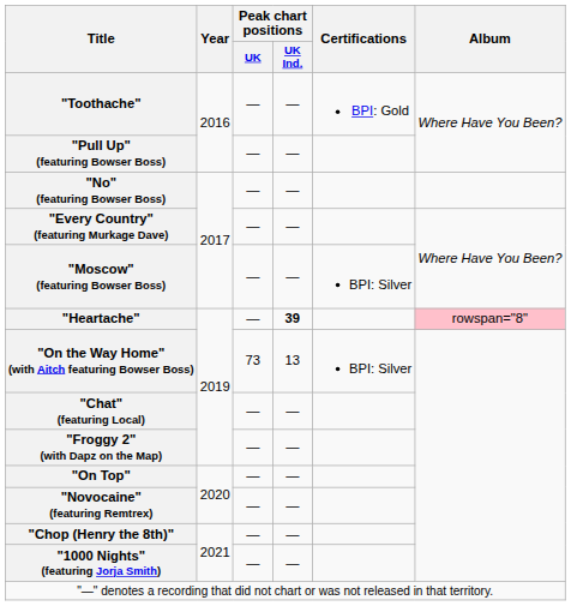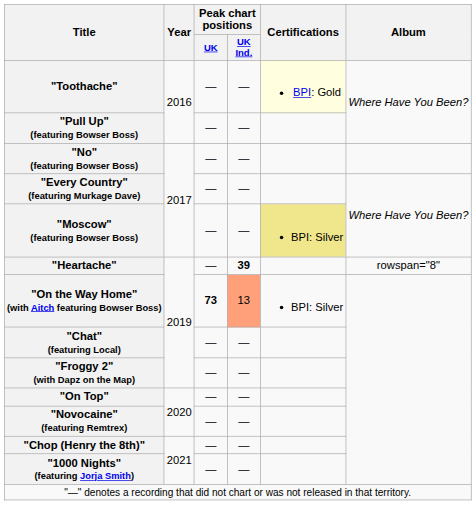 <table class="wikitable plainrowheaders" style="text-align:center;">
 <tr>
 <th scope="col" rowspan="2">Title</th>
 <th scope="col" rowspan="2">Year</th>
 <th scope="col" colspan="2">Peak chart positions</th>
 <th scope="col" rowspan="2">Certifications</th>
 <th scope="col" rowspan="2">Album</th>
 </tr>
 <tr>
 <th scope="col" style="width:3em;font-size:85%;"><a href='#'>UK</a><br></th>
 <th scope="col" style="width:3em;font-size:85%;"><a href='#'>UK<br>Ind.</a><br></th>
 </tr>
 <tr>
 <th scope="row">"Toothache"</th>
 <td rowspan="2">2016</td>
 <td>—</td>
 <td>—</td>
-<td><br><ul><li><a href='#'>BPI</a>: Gold</li></ul></td>
+<td style="background: lightyellow;"><br><ul><li><a href='#'>BPI</a>: Gold</li></ul></td>
 <td rowspan="2"><em>Where Have You Been?</em></td>
 </tr>
 <tr>
 <th scope="row">"Pull Up" <br><small>(featuring Bowser Boss)</small></th>
 <td>—</td>
 <td>—</td>
 <td></td>
 </tr>
 <tr>
 <th scope="row">"No" <br><small>(featuring Bowser Boss)</small></th>
 <td rowspan="3">2017</td>
 <td>—</td>
 <td>—</td>
 <td></td>
 <td></td>
 </tr>
 <tr>
 <th scope="row">"Every Country" <br><small>(featuring Murkage Dave)</small></th>
 <td>—</td>
 <td>—</td>
 <td></td>
 <td rowspan="2"><em>Where Have You Been?</em></td>
 </tr>
 <tr>
 <th scope="row">"Moscow" <br><small>(featuring Bowser Boss)</small></th>
 <td>—</td>
 <td>—</td>
-<td><br><ul><li>BPI: Silver</li></ul></td>
+<td style="background: khaki;"><br><ul><li>BPI: Silver</li></ul></td>
 </tr>
 <tr>
 <th scope="row">"Heartache"</th>
 <td rowspan="4">2019</td>
 <td>—</td>
 <td><strong>39</strong></td>
 <td></td>
-<td style="background: pink;">rowspan="8" </td>
+<td>rowspan="8" </td>
 </tr>
 <tr>
 <th scope="row">"On the Way Home"<br><small>(with <a href='#'>Aitch</a> featuring Bowser Boss)</small></th>
-<td>73</td>
-<td>13</td>
+<td><strong>73</strong></td>
+<td style="background: lightsalmon;">13</td>
 <td><br><ul><li>BPI: Silver</li></ul></td>
 </tr>
 <tr>
 <th scope="row">"Chat" <br><small>(featuring Local)</small></th>
 <td>—</td>
 <td>—</td>
 <td></td>
 </tr>
 <tr>
 <th scope="row">"Froggy 2" <br><small>(with Dapz on the Map)</small></th>
 <td>—</td>
 <td>—</td>
 <td></td>
 </tr>
 <tr>
 <th scope="row">"On Top"</th>
 <td rowspan="2">2020</td>
 <td>—</td>
 <td>—</td>
 <td></td>
 </tr>
 <tr>
 <th scope="row">"Novocaine" <br><small>(featuring Remtrex)</small></th>
 <td>—</td>
 <td>—</td>
 <td></td>
 </tr>
 <tr>
 <th scope="row">"Chop (Henry the 8th)"</th>
 <td rowspan="2">2021</td>
 <td>—</td>
 <td>—</td>
 <td></td>
 </tr>
 <tr>
 <th scope="row">"1000 Nights" <br><small>(featuring <a href='#'>Jorja Smith</a>)</small></th>
 <td>—</td>
 <td>—</td>
 <td></td>
 </tr>
 <tr>
 <td colspan="6" style="font-size:90%">"—" denotes a recording that did not chart or was not released in that territory.</td>
 </tr>
 </table>
